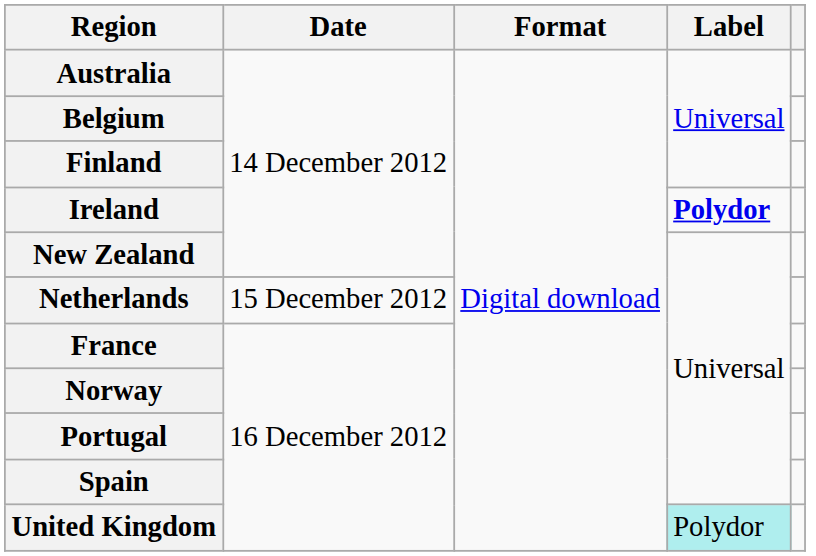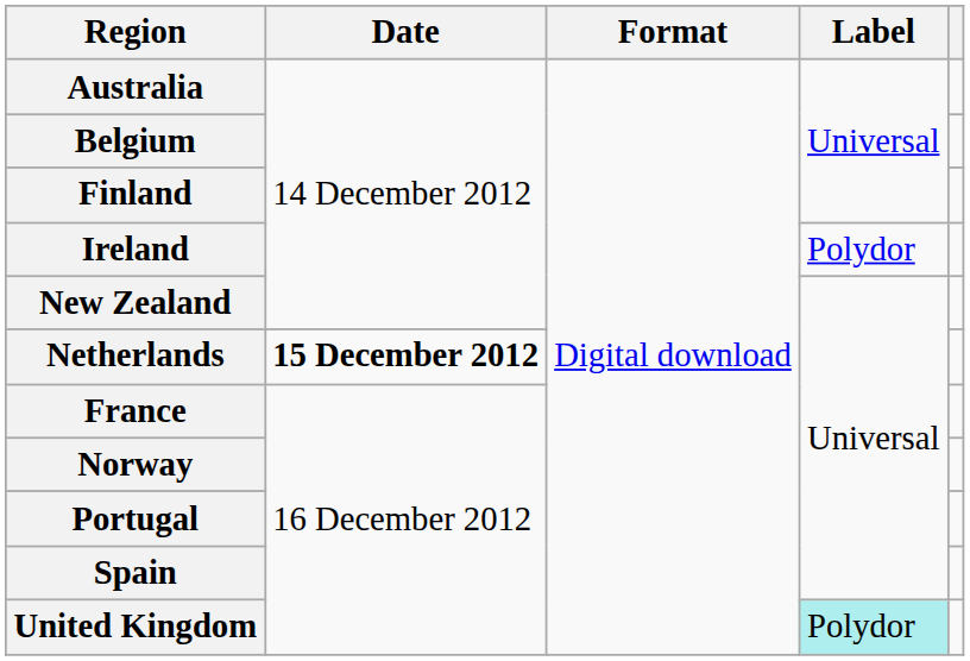 <table class="wikitable plainrowheaders">
 <tr>
 <th scope="col">Region</th>
 <th scope="col">Date</th>
 <th scope="col">Format</th>
 <th scope="col">Label</th>
 <th scope="col"></th>
 </tr>
 <tr>
 <th scope="row">Australia</th>
 <td rowspan="5">14 December 2012</td>
 <td rowspan="11"><a href='#'>Digital download</a></td>
 <td rowspan="3"><a href='#'>Universal</a></td>
 <td align="center"></td>
 </tr>
 <tr>
 <th scope="row">Belgium</th>
 <td align="center"></td>
 </tr>
 <tr>
 <th scope="row">Finland</th>
 <td align="center"></td>
 </tr>
 <tr>
 <th scope="row">Ireland</th>
-<td><strong><a href='#'>Polydor</a></strong></td>
+<td><a href='#'>Polydor</a></td>
 <td align="center"></td>
 </tr>
 <tr>
 <th scope="row">New Zealand</th>
 <td rowspan="6">Universal</td>
 <td align="center"></td>
 </tr>
 <tr>
 <th scope="row">Netherlands</th>
-<td>15 December 2012</td>
+<td><strong>15 December 2012</strong></td>
 <td align="center"></td>
 </tr>
 <tr>
 <th scope="row">France</th>
 <td rowspan="5">16 December 2012</td>
 <td align="center"></td>
 </tr>
 <tr>
 <th scope="row">Norway</th>
 <td align="center"></td>
 </tr>
 <tr>
 <th scope="row">Portugal</th>
 <td align="center"></td>
 </tr>
 <tr>
 <th scope="row">Spain</th>
 <td align="center"></td>
 </tr>
 <tr>
 <th scope="row">United Kingdom</th>
 <td style="background: paleturquoise;">Polydor</td>
 <td align="center"></td>
 </tr>
 </table>
